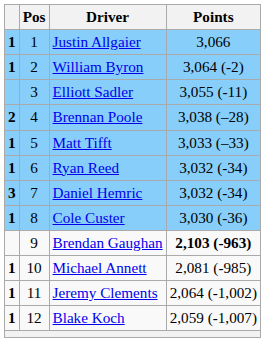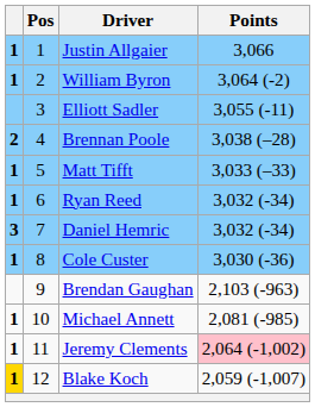 <table class="wikitable" style="font-size: 95%;">
 <tr>
 <th></th>
 <th>Pos</th>
 <th>Driver</th>
 <th>Points</th>
 </tr>
 <tr style="background:#87CEFA;">
 <td align="left"> <strong>1</strong></td>
 <td style="text-align:center;">1</td>
 <td><a href='#'>Justin Allgaier</a></td>
 <td style="text-align:center;">3,066</td>
 </tr>
 <tr style="background:#87CEFA;">
 <td align="left"> <strong>1</strong></td>
 <td style="text-align:center;">2</td>
 <td><a href='#'>William Byron</a></td>
 <td style="text-align:center;">3,064 (-2)</td>
 </tr>
 <tr style="background:#87CEFA;">
 <td align="left"></td>
 <td style="text-align:center;">3</td>
 <td><a href='#'>Elliott Sadler</a></td>
 <td style="text-align:center;">3,055 (-11)</td>
 </tr>
 <tr style="background:#87CEFA;">
 <td align="left">  <strong>2</strong></td>
 <td style="text-align:center;">4</td>
 <td><a href='#'>Brennan Poole</a></td>
 <td style="text-align:center;">3,038 (–28)</td>
 </tr>
 <tr style="background:#87CEFA;">
 <td align="left"> <strong>1</strong></td>
 <td style="text-align:center;">5</td>
 <td><a href='#'>Matt Tifft</a></td>
 <td style="text-align:center;">3,033 (–33)</td>
 </tr>
 <tr style="background:#87CEFA;">
 <td align="left"> <strong>1</strong></td>
 <td style="text-align:center;">6</td>
 <td><a href='#'>Ryan Reed</a></td>
 <td style="text-align:center;">3,032 (-34)</td>
 </tr>
 <tr style="background:#87CEFA;">
 <td align="left"> <strong>3</strong></td>
 <td style="text-align:center;">7</td>
 <td><a href='#'>Daniel Hemric</a></td>
 <td style="text-align:center;">3,032 (-34)</td>
 </tr>
 <tr style="background:#87CEFA;">
 <td align="left"> <strong>1</strong></td>
 <td style="text-align:center;">8</td>
 <td><a href='#'>Cole Custer</a></td>
 <td style="text-align:center;">3,030 (-36)</td>
 </tr>
 <tr>
 <td align="left"></td>
 <td style="text-align:center;">9</td>
 <td><a href='#'>Brendan Gaughan</a></td>
-<td style="text-align:center;"><strong>2,103 (-963)</strong></td>
+<td style="text-align:center;">2,103 (-963)</td>
 </tr>
 <tr>
 <td align="left"> <strong>1</strong></td>
 <td style="text-align:center;">10</td>
 <td><a href='#'>Michael Annett</a></td>
 <td style="text-align:center;">2,081 (-985)</td>
 </tr>
 <tr>
 <td align="left"> <strong>1</strong></td>
 <td style="text-align:center;">11</td>
 <td><a href='#'>Jeremy Clements</a></td>
-<td style="text-align:center;">2,064 (-1,002)</td>
+<td style="background: pink; text-align:center;">2,064 (-1,002)</td>
 </tr>
 <tr>
-<td align="left"> <strong>1</strong></td>
+<td align="left" style="background: gold;"> <strong>1</strong></td>
 <td style="text-align:center;">12</td>
 <td><a href='#'>Blake Koch</a></td>
 <td style="text-align:center;">2,059 (-1,007)</td>
 </tr>
 <tr class="sortbottom">
 <th colspan="9"></th>
 </tr>
 </table>
